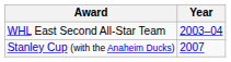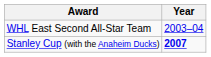 <table class="wikitable" border="1">
 <tr>
 <th>Award</th>
 <th>Year</th>
 </tr>
 <tr>
 <td><a href='#'>WHL</a> East Second All-Star Team</td>
 <td><a href='#'>2003–04</a></td>
 </tr>
 <tr>
 <td><a href='#'>Stanley Cup</a> <small>(with the <a href='#'>Anaheim Ducks</a>)</small></td>
-<td><a href='#'>2007</a></td>
+<td><strong><a href='#'>2007</a></strong></td>
 </tr>
 </table>
